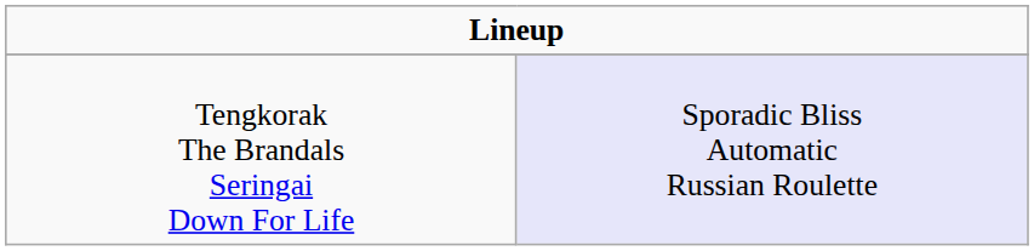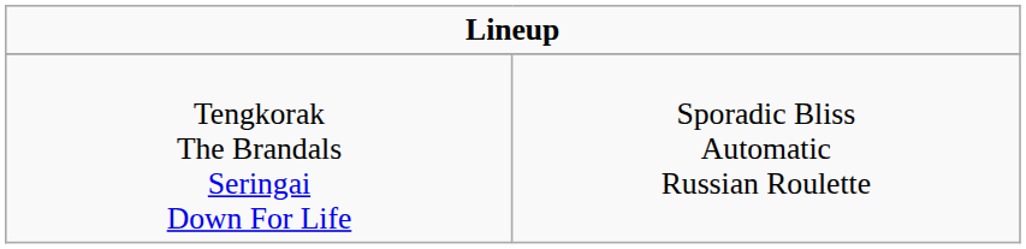 <table class="wikitable">
 <tr>
 <td colspan="2" align="center"><strong>Lineup</strong></td>
 </tr>
 <tr>
 </tr>
 <tr>
 <td valign="top" align="center" width=256><br>Tengkorak<br> The Brandals<br> <a href='#'>Seringai</a><br> <a href='#'>Down For Life</a><br></td>
-<td valign="top" align="center" width=256 style="background: lavender;"><br>Sporadic Bliss<br> Automatic<br> Russian Roulette<br></td>
+<td valign="top" align="center" width=256><br>Sporadic Bliss<br> Automatic<br> Russian Roulette<br></td>
 </tr>
 </table>
